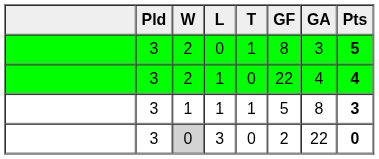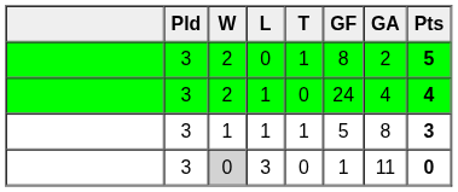 <table border=1 cellpadding=5 cellspacing=0>
 <tr>
 <th bgcolor="#efefef" width="120"></th>
 <th bgcolor="#efefef" width="20">Pld</th>
 <th bgcolor="#efefef" width="20">W</th>
 <th bgcolor="#efefef" width="20">L</th>
 <th bgcolor="#efefef" width="20">T</th>
 <th bgcolor="#efefef" width="20">GF</th>
 <th bgcolor="#efefef" width="20">GA</th>
 <th bgcolor="#efefef" width="20">Pts</th>
 </tr>
 <tr align=center bgcolor="lime">
 <td align=left></td>
 <td>3</td>
 <td>2</td>
 <td>0</td>
 <td>1</td>
 <td>8</td>
-<td>3</td>
+<td>2</td>
 <td><strong>5</strong></td>
 </tr>
 <tr align=center bgcolor="lime">
 <td align=left></td>
 <td>3</td>
 <td>2</td>
 <td>1</td>
 <td>0</td>
-<td>22</td>
+<td>24</td>
 <td>4</td>
 <td><strong>4</strong></td>
 </tr>
 <tr align=center>
 <td align=left></td>
 <td>3</td>
 <td>1</td>
 <td>1</td>
 <td>1</td>
 <td>5</td>
 <td>8</td>
 <td><strong>3</strong></td>
 </tr>
 <tr align=center>
 <td align=left></td>
 <td>3</td>
 <td style="background: lightgrey;">0</td>
 <td>3</td>
 <td>0</td>
-<td>2</td>
-<td>22</td>
+<td>1</td>
+<td>11</td>
 <td><strong>0</strong></td>
 </tr>
 <tr align=center>
 </tr>
 </table>
